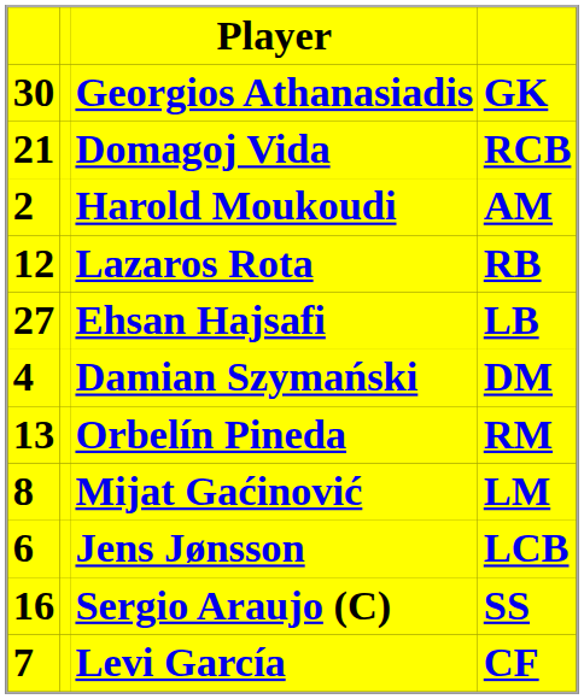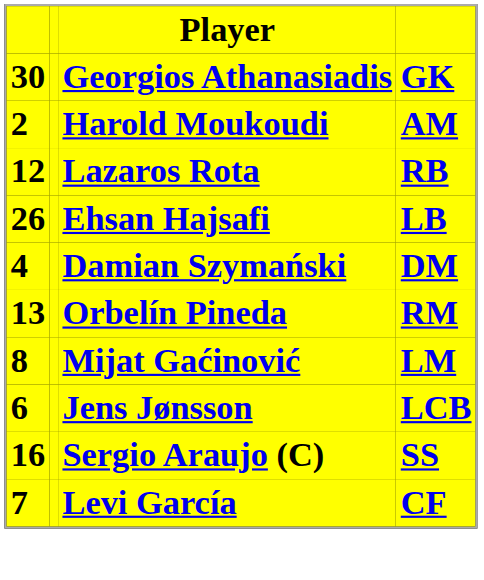 <table class="toccolours" border="0" cellpadding="2" cellspacing="0" align="center" style="margin: 0.5em 0 1em 1em; background: #000000; border: 1px #aaaaaa solid;">
 <tr bgcolor=#FFFF00>
 <th></th>
 <th></th>
 <th>Player</th>
 <th></th>
 </tr>
 <tr bgcolor=#FFFF00>
 <td><strong>30</strong></td>
 <td></td>
 <td><a href='#'><span><strong>Georgios Athanasiadis</strong></span></a></td>
 <td><a href='#'><strong>GK</strong></a></td>
 </tr>
 <tr bgcolor=#FFFF00>
-<td><strong>21</strong></td>
-<td></td>
-<td><a href='#'><span><strong>Domagoj Vida</strong></span></a></td>
-<td><a href='#'><strong>RCB</strong></a></td>
-</tr>
-<tr bgcolor=#FFFF00>
 <td><strong>2</strong></td>
 <td></td>
 <td><a href='#'><span><strong>Harold Moukoudi</strong></span></a></td>
 <td><a href='#'><strong>AM</strong></a></td>
 </tr>
 <tr bgcolor=#FFFF00>
 <td><strong>12</strong></td>
 <td></td>
 <td><a href='#'><span><strong>Lazaros Rota</strong></span></a></td>
 <td><a href='#'><strong>RB</strong></a></td>
 </tr>
 <tr bgcolor=#FFFF00>
-<td><strong>27</strong></td>
+<td><strong>26</strong></td>
 <td></td>
 <td><a href='#'><span><strong>Ehsan Hajsafi</strong></span></a></td>
 <td><a href='#'><strong>LB</strong></a></td>
 </tr>
 <tr bgcolor=#FFFF00>
 <td><strong>4</strong></td>
 <td></td>
 <td><a href='#'><span><strong>Damian Szymański</strong></span></a></td>
 <td><a href='#'><strong>DM</strong></a></td>
 </tr>
 <tr bgcolor=#FFFF00>
 <td><strong>13</strong></td>
 <td></td>
 <td><a href='#'><span><strong>Orbelín Pineda</strong></span></a></td>
 <td><a href='#'><strong>RM</strong></a></td>
 </tr>
 <tr bgcolor=#FFFF00>
 <td><strong>8</strong></td>
 <td></td>
 <td><a href='#'><span><strong>Mijat Gaćinović</strong></span></a></td>
 <td><a href='#'><strong>LM</strong></a></td>
 </tr>
 <tr bgcolor=#FFFF00>
 <td><strong>6</strong></td>
 <td></td>
 <td><a href='#'><span><strong>Jens Jønsson</strong></span></a></td>
 <td><a href='#'><strong>LCB</strong></a></td>
 </tr>
 <tr bgcolor=#FFFF00>
 <td><strong>16</strong></td>
 <td></td>
 <td><a href='#'><span><strong>Sergio Araujo</strong></span></a> <strong>(C)</strong></td>
 <td><a href='#'><strong>SS</strong></a></td>
 </tr>
 <tr bgcolor=#FFFF00>
 <td><strong>7</strong></td>
 <td></td>
 <td><a href='#'><span><strong>Levi García</strong></span></a></td>
 <td><a href='#'><strong>CF</strong></a></td>
 </tr>
 </table>
